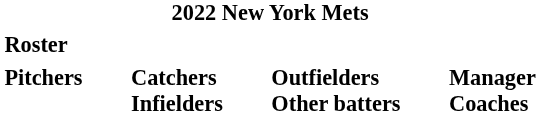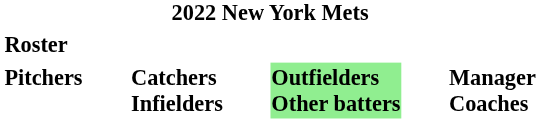 <table class="toccolours" style="font-size: 95%;">
 <tr>
 <th colspan="10">2022 New York Mets</th>
 </tr>
 <tr>
 <td colspan="10"><strong>Roster</strong></td>
 </tr>
 <tr>
 <td valign="top"><strong>Pitchers</strong><br>                              </td>
 <td width="25px"></td>
 <td valign="top"><strong>Catchers</strong><br>     <strong>Infielders</strong>              </td>
 <td width="25px"></td>
-<td valign="top"><strong>Outfielders</strong><br>          <strong>Other batters</strong> </td>
+<td valign="top" style="background: lightgreen;"><strong>Outfielders</strong><br>          <strong>Other batters</strong> </td>
 <td width="25px"></td>
 <td valign="top"><strong>Manager</strong><br> <strong>Coaches</strong>                    </td>
 </tr>
 </table>
